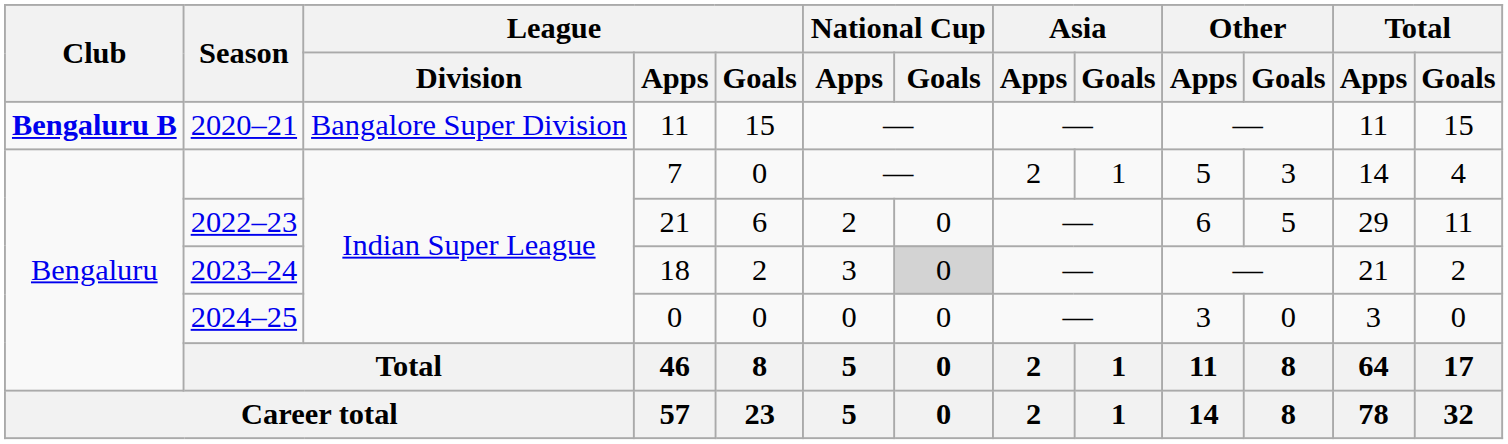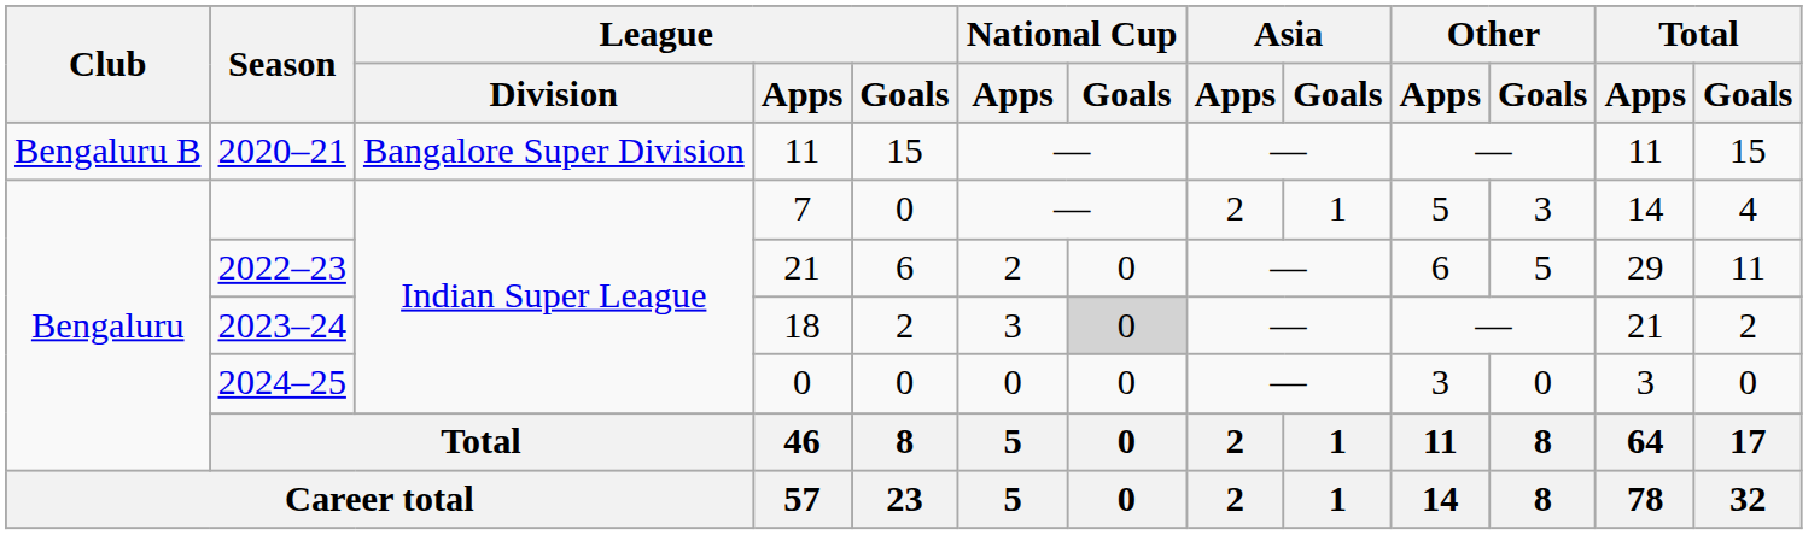 <table class="wikitable" style="text-align: center;">
 <tr>
 <th rowspan="2">Club</th>
 <th rowspan="2">Season</th>
 <th colspan="3">League</th>
 <th colspan="2">National Cup</th>
 <th colspan="2">Asia</th>
 <th colspan="2">Other</th>
 <th colspan="2">Total</th>
 </tr>
 <tr>
 <th>Division</th>
 <th>Apps</th>
 <th>Goals</th>
 <th>Apps</th>
 <th>Goals</th>
 <th>Apps</th>
 <th>Goals</th>
 <th>Apps</th>
 <th>Goals</th>
 <th>Apps</th>
 <th>Goals</th>
 </tr>
 <tr>
-<td><strong><a href='#'>Bengaluru B</a></strong></td>
+<td><a href='#'>Bengaluru B</a></td>
 <td><a href='#'>2020–21</a></td>
 <td><a href='#'>Bangalore Super Division</a></td>
 <td>11</td>
 <td>15</td>
 <td colspan="2">—</td>
 <td colspan="2">—</td>
 <td colspan="2">—</td>
 <td>11</td>
 <td>15</td>
 </tr>
 <tr>
 <td rowspan="5"><a href='#'>Bengaluru</a></td>
 <td></td>
 <td rowspan="4"><a href='#'>Indian Super League</a></td>
 <td>7</td>
 <td>0</td>
 <td colspan="2">—</td>
 <td>2</td>
 <td>1</td>
 <td>5</td>
 <td>3</td>
 <td>14</td>
 <td>4</td>
 </tr>
 <tr>
 <td><a href='#'>2022–23</a></td>
 <td>21</td>
 <td>6</td>
 <td>2</td>
 <td>0</td>
 <td colspan="2">—</td>
 <td>6</td>
 <td>5</td>
 <td>29</td>
 <td>11</td>
 </tr>
 <tr>
 <td><a href='#'>2023–24</a></td>
 <td>18</td>
 <td>2</td>
 <td>3</td>
 <td style="background: lightgrey;">0</td>
 <td colspan="2">—</td>
 <td colspan="2">—</td>
 <td>21</td>
 <td>2</td>
 </tr>
 <tr>
 <td><a href='#'>2024–25</a></td>
 <td>0</td>
 <td>0</td>
 <td>0</td>
 <td>0</td>
 <td colspan="2">—</td>
 <td>3</td>
 <td>0</td>
 <td>3</td>
 <td>0</td>
 </tr>
 <tr>
 <th colspan="2">Total</th>
 <th>46</th>
 <th>8</th>
 <th>5</th>
 <th>0</th>
 <th>2</th>
 <th>1</th>
 <th>11</th>
 <th>8</th>
 <th>64</th>
 <th>17</th>
 </tr>
 <tr>
 <th colspan="3">Career total</th>
 <th>57</th>
 <th>23</th>
 <th>5</th>
 <th>0</th>
 <th>2</th>
 <th>1</th>
 <th>14</th>
 <th>8</th>
 <th>78</th>
 <th>32</th>
 </tr>
 </table>
